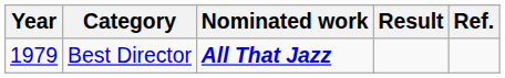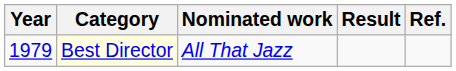 <table class="wikitable">
 <tr>
 <th>Year</th>
 <th>Category</th>
 <th>Nominated work</th>
 <th>Result</th>
 <th>Ref.</th>
 </tr>
 <tr>
 <td><a href='#'>1979</a></td>
-<td><a href='#'>Best Director</a></td>
-<td><strong><em><a href='#'>All That Jazz</a></em></strong></td>
+<td style="background: lightyellow;"><a href='#'>Best Director</a></td>
+<td><em><a href='#'>All That Jazz</a></em></td>
 <td></td>
 <td align="center"></td>
 </tr>
 </table>
